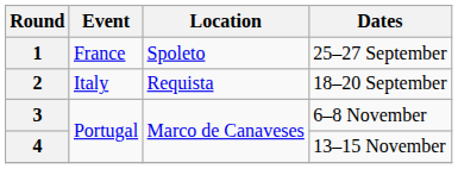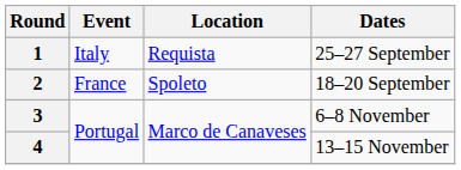 <table class="wikitable" style="font-size: 90%">
 <tr>
 <th>Round</th>
 <th>Event</th>
 <th>Location</th>
 <th>Dates</th>
 </tr>
 <tr>
 <th>1</th>
-<td> <a href='#'>France</a></td>
-<td><a href='#'>Spoleto</a></td>
+<td> <a href='#'>Italy</a></td>
+<td><a href='#'>Requista</a></td>
 <td>25–27 September</td>
 </tr>
 <tr>
 <th>2</th>
-<td> <a href='#'>Italy</a></td>
-<td><a href='#'>Requista</a></td>
+<td> <a href='#'>France</a></td>
+<td><a href='#'>Spoleto</a></td>
 <td>18–20 September</td>
 </tr>
 <tr>
 <th>3</th>
 <td rowspan=2> <a href='#'>Portugal</a></td>
 <td rowspan=2><a href='#'>Marco de Canaveses</a></td>
 <td>6–8 November</td>
 </tr>
 <tr>
 <th>4</th>
 <td>13–15 November</td>
 </tr>
 <tr>
 </tr>
 </table>
